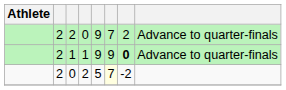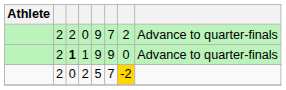 <table class=wikitable style="text-align:center">
 <tr>
 <th>Athlete</th>
 <th></th>
 <th></th>
 <th></th>
 <th></th>
 <th></th>
 <th></th>
 <th></th>
 </tr>
 <tr bgcolor=bbf3bb>
 <td style="text-align:left"></td>
 <td>2</td>
 <td>2</td>
 <td>0</td>
 <td>9</td>
 <td>7</td>
 <td>2</td>
 <td>Advance to quarter-finals</td>
 </tr>
 <tr bgcolor=bbf3bb>
 <td style="text-align:left"></td>
 <td>2</td>
-<td>1</td>
+<td><strong>1</strong></td>
 <td>1</td>
 <td>9</td>
 <td>9</td>
-<td><strong>0</strong></td>
+<td>0</td>
 <td>Advance to quarter-finals</td>
 </tr>
 <tr>
 <td style="text-align:left"></td>
 <td>2</td>
 <td>0</td>
 <td>2</td>
 <td>5</td>
-<td style="background: lightyellow;">7</td>
-<td>-2</td>
+<td>7</td>
+<td style="background: gold;">-2</td>
 <td></td>
 </tr>
 <tr>
 </tr>
 </table>
